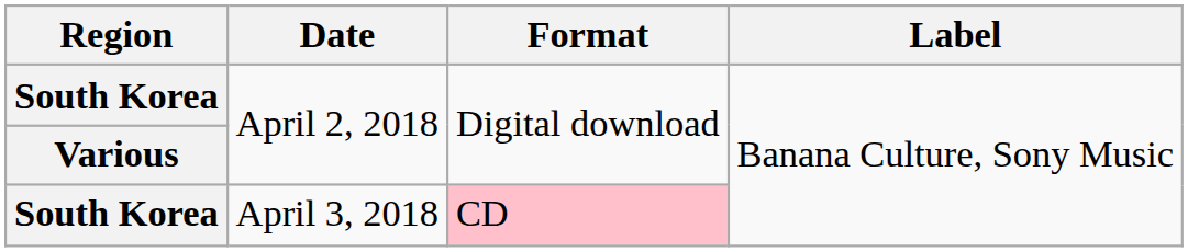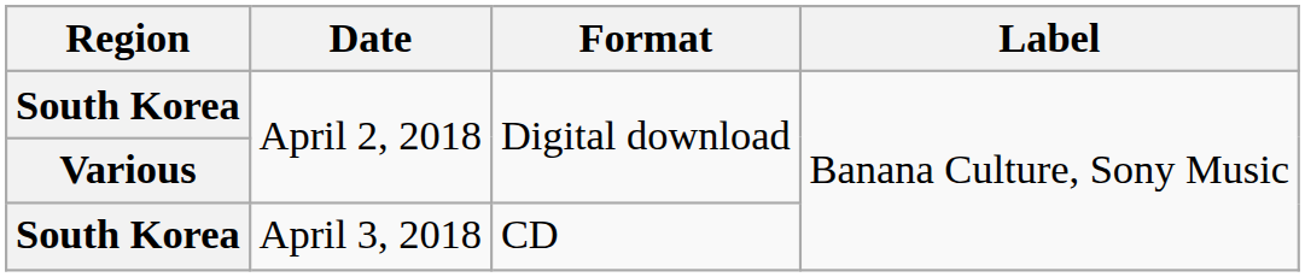 <table class="wikitable plainrowheaders">
 <tr>
 <th>Region</th>
 <th>Date</th>
 <th>Format</th>
 <th>Label</th>
 </tr>
 <tr>
 <th scope="row">South Korea</th>
 <td rowspan="2">April 2, 2018</td>
 <td rowspan="2">Digital download</td>
 <td rowspan="3">Banana Culture, Sony Music</td>
 </tr>
 <tr>
 <th scope="row">Various</th>
 </tr>
 <tr>
 <th scope="row">South Korea</th>
 <td>April 3, 2018</td>
-<td style="background: pink;">CD</td>
+<td>CD</td>
 </tr>
 </table>
